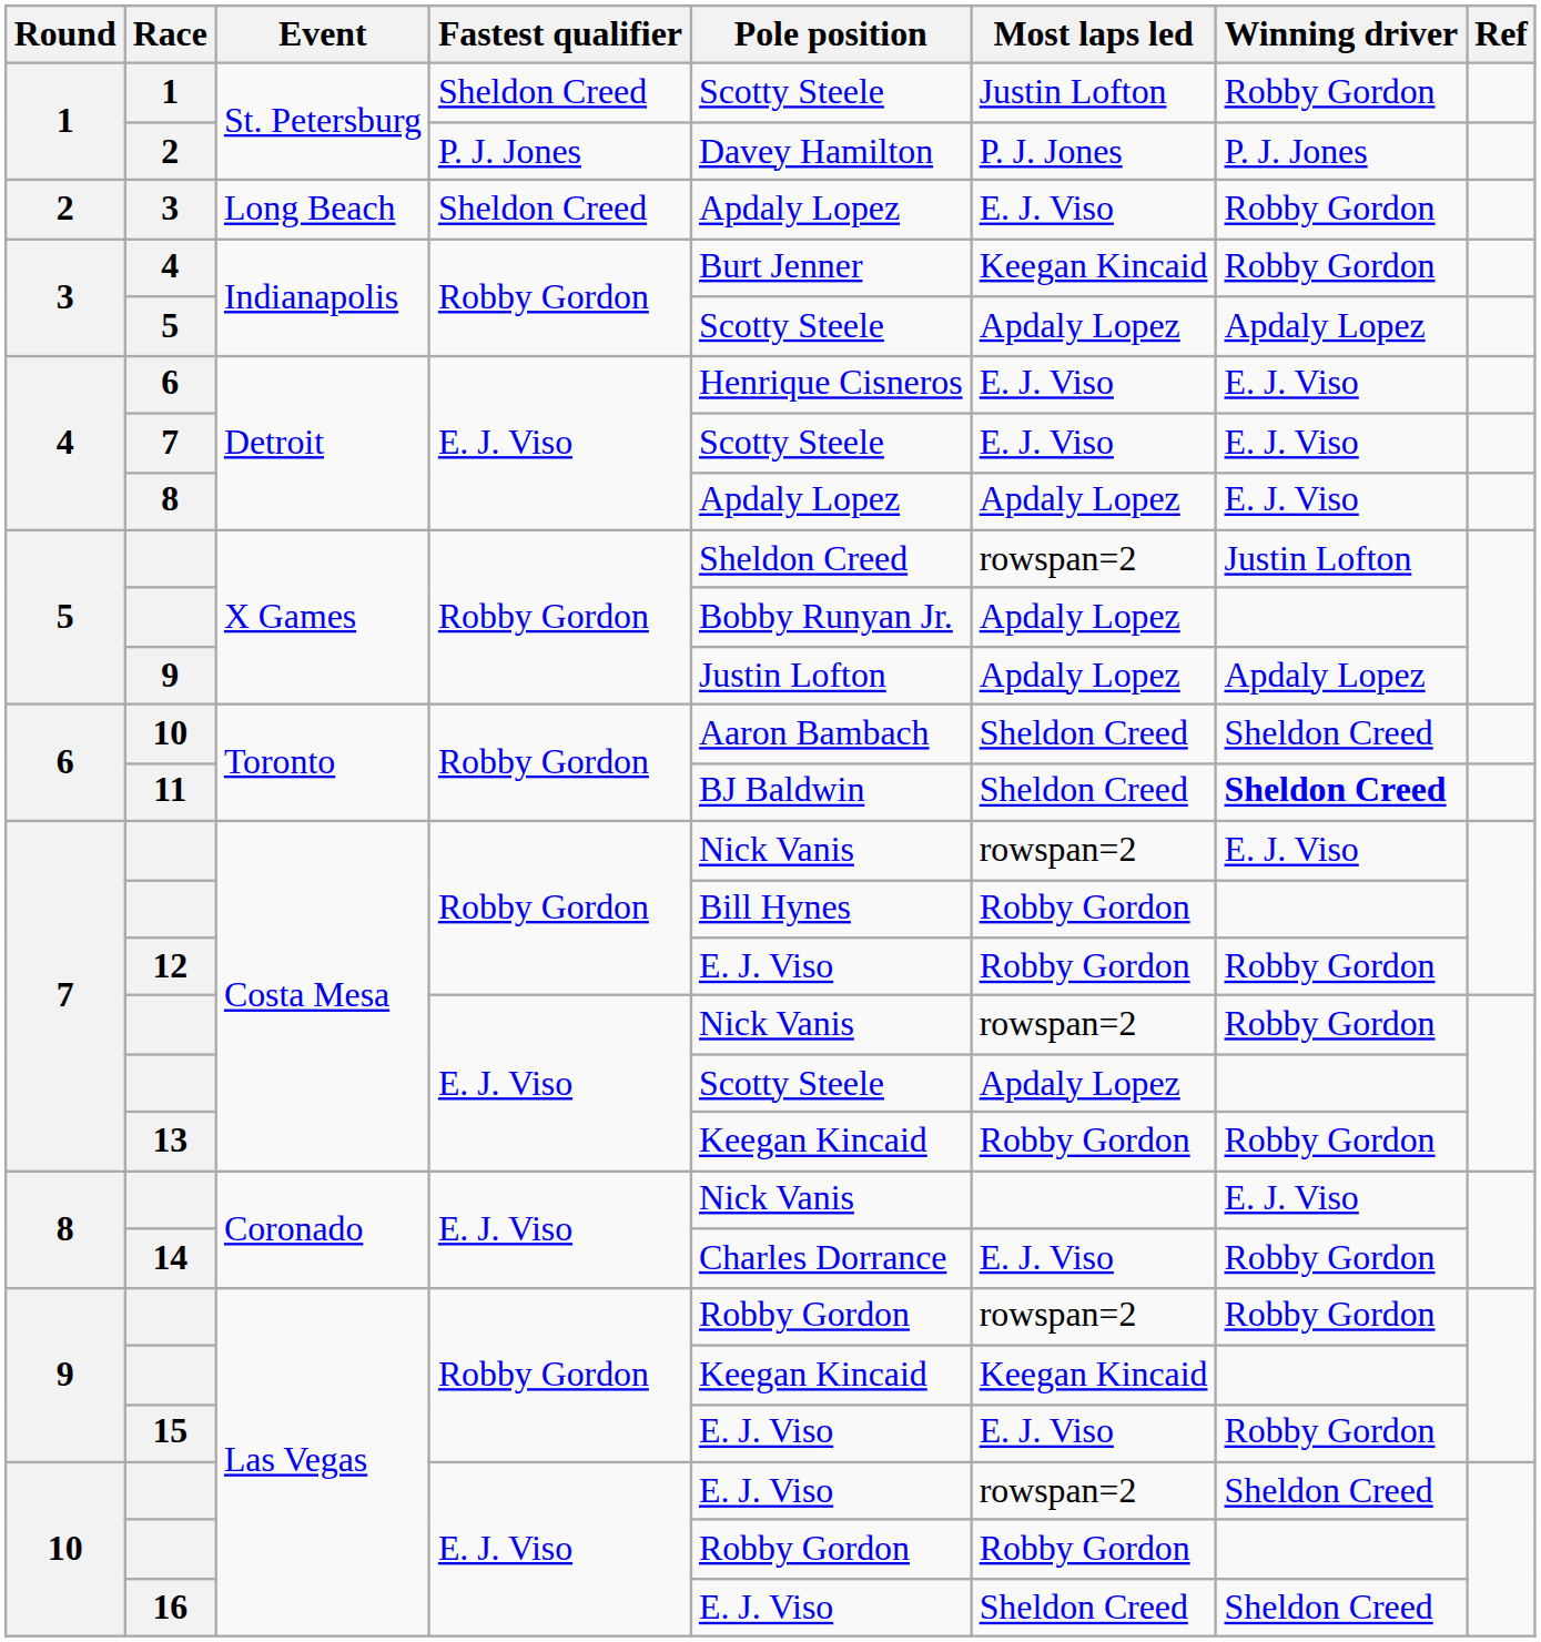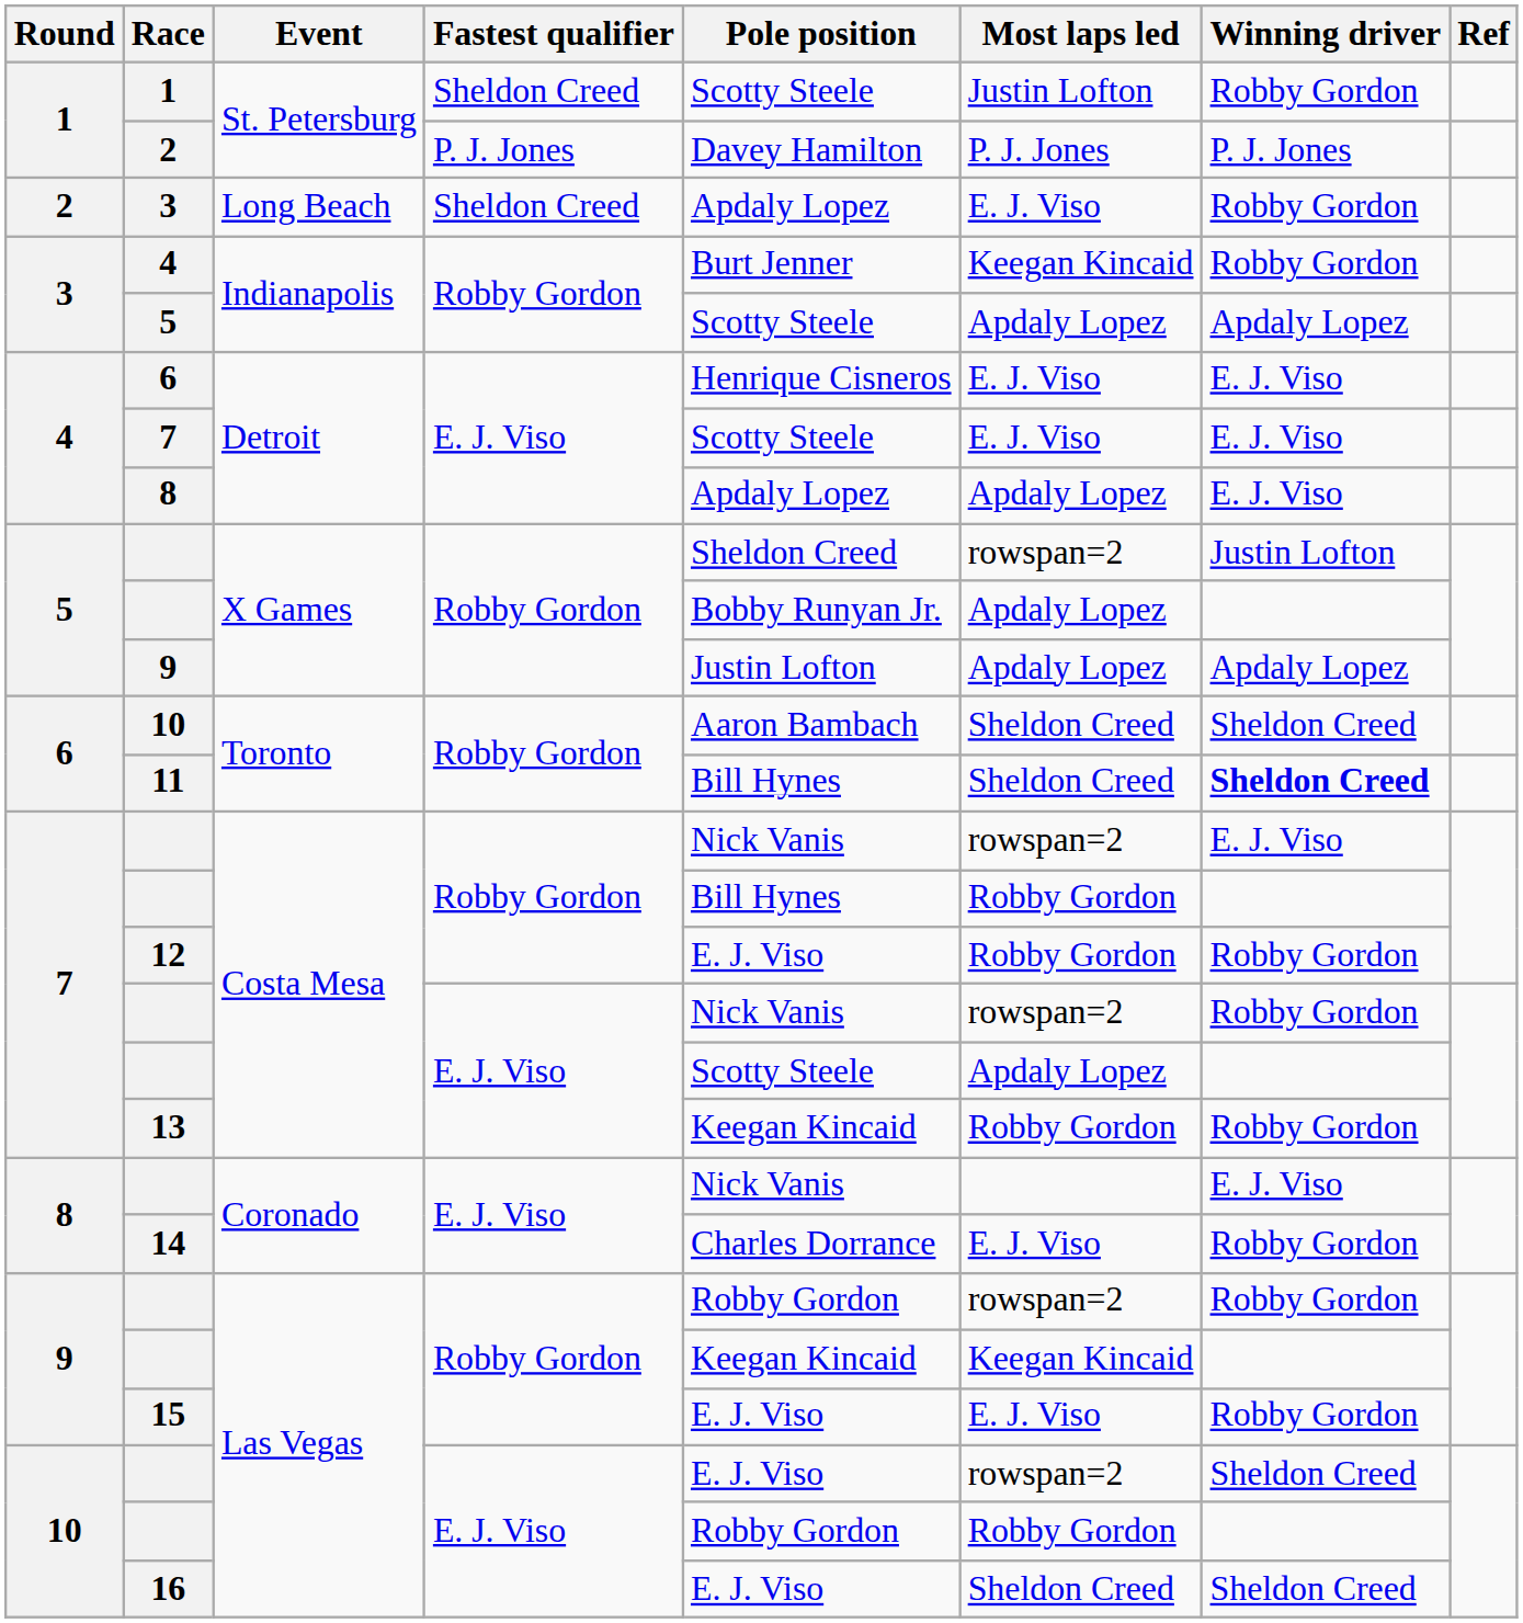 <table class="wikitable" style="font-size: 85%;">
 <tr>
 <th>Round</th>
 <th>Race</th>
 <th>Event</th>
 <th>Fastest qualifier</th>
 <th>Pole position</th>
 <th>Most laps led</th>
 <th>Winning driver</th>
 <th>Ref</th>
 </tr>
 <tr>
 <th rowspan=2>1</th>
 <th>1</th>
 <td rowspan=2><a href='#'>St. Petersburg</a></td>
 <td> <a href='#'>Sheldon Creed</a></td>
 <td> <a href='#'>Scotty Steele</a></td>
 <td> <a href='#'>Justin Lofton</a></td>
 <td> <a href='#'>Robby Gordon</a></td>
 <td></td>
 </tr>
 <tr>
 <th>2</th>
 <td> <a href='#'>P. J. Jones</a></td>
 <td> <a href='#'>Davey Hamilton</a></td>
 <td> <a href='#'>P. J. Jones</a></td>
 <td> <a href='#'>P. J. Jones</a></td>
 <td></td>
 </tr>
 <tr>
 <th>2</th>
 <th>3</th>
 <td><a href='#'>Long Beach</a></td>
 <td> <a href='#'>Sheldon Creed</a></td>
 <td> <a href='#'>Apdaly Lopez</a></td>
 <td> <a href='#'>E. J. Viso</a></td>
 <td> <a href='#'>Robby Gordon</a></td>
 <td></td>
 </tr>
 <tr>
 <th rowspan=2>3</th>
 <th>4</th>
 <td rowspan=2><a href='#'>Indianapolis</a></td>
 <td rowspan=2> <a href='#'>Robby Gordon</a></td>
 <td> <a href='#'>Burt Jenner</a></td>
 <td> <a href='#'>Keegan Kincaid</a></td>
 <td> <a href='#'>Robby Gordon</a></td>
 <td></td>
 </tr>
 <tr>
 <th>5</th>
 <td> <a href='#'>Scotty Steele</a></td>
 <td> <a href='#'>Apdaly Lopez</a></td>
 <td> <a href='#'>Apdaly Lopez</a></td>
 <td></td>
 </tr>
 <tr>
 <th rowspan=3>4</th>
 <th>6</th>
 <td rowspan=3><a href='#'>Detroit</a></td>
 <td rowspan=3> <a href='#'>E. J. Viso</a></td>
 <td> <a href='#'>Henrique Cisneros</a></td>
 <td> <a href='#'>E. J. Viso</a></td>
 <td> <a href='#'>E. J. Viso</a></td>
 <td></td>
 </tr>
 <tr>
 <th>7</th>
 <td> <a href='#'>Scotty Steele</a></td>
 <td> <a href='#'>E. J. Viso</a></td>
 <td> <a href='#'>E. J. Viso</a></td>
 <td></td>
 </tr>
 <tr>
 <th>8</th>
 <td> <a href='#'>Apdaly Lopez</a></td>
 <td> <a href='#'>Apdaly Lopez</a></td>
 <td> <a href='#'>E. J. Viso</a></td>
 <td></td>
 </tr>
 <tr>
 <th rowspan=3>5</th>
 <th></th>
 <td rowspan=3><a href='#'>X Games</a></td>
 <td rowspan=3> <a href='#'>Robby Gordon</a></td>
 <td> <a href='#'>Sheldon Creed</a></td>
 <td>rowspan=2 </td>
 <td> <a href='#'>Justin Lofton</a></td>
 <td rowspan=3></td>
 </tr>
 <tr>
 <th></th>
 <td> <a href='#'>Bobby Runyan Jr.</a></td>
 <td> <a href='#'>Apdaly Lopez</a></td>
 </tr>
 <tr>
 <th>9</th>
 <td> <a href='#'>Justin Lofton</a></td>
 <td> <a href='#'>Apdaly Lopez</a></td>
 <td> <a href='#'>Apdaly Lopez</a></td>
 </tr>
 <tr>
 <th rowspan=2>6</th>
 <th>10</th>
 <td rowspan=2><a href='#'>Toronto</a></td>
 <td rowspan=2> <a href='#'>Robby Gordon</a></td>
 <td> <a href='#'>Aaron Bambach</a></td>
 <td> <a href='#'>Sheldon Creed</a></td>
 <td> <a href='#'>Sheldon Creed</a></td>
 <td></td>
 </tr>
 <tr>
 <th>11</th>
-<td> <a href='#'>BJ Baldwin</a></td>
+<td> <a href='#'>Bill Hynes</a></td>
 <td> <a href='#'>Sheldon Creed</a></td>
 <td><strong> <a href='#'>Sheldon Creed</a></strong></td>
 <td></td>
 </tr>
 <tr>
 <th rowspan=6>7</th>
 <th></th>
 <td rowspan=6><a href='#'>Costa Mesa</a></td>
 <td rowspan=3> <a href='#'>Robby Gordon</a></td>
 <td> <a href='#'>Nick Vanis</a></td>
 <td>rowspan=2 </td>
 <td> <a href='#'>E. J. Viso</a></td>
 <td rowspan=3></td>
 </tr>
 <tr>
 <th></th>
 <td> <a href='#'>Bill Hynes</a></td>
 <td> <a href='#'>Robby Gordon</a></td>
 </tr>
 <tr>
 <th>12</th>
 <td> <a href='#'>E. J. Viso</a></td>
 <td> <a href='#'>Robby Gordon</a></td>
 <td> <a href='#'>Robby Gordon</a></td>
 </tr>
 <tr>
 <th></th>
 <td rowspan=3> <a href='#'>E. J. Viso</a></td>
 <td> <a href='#'>Nick Vanis</a></td>
 <td>rowspan=2 </td>
 <td> <a href='#'>Robby Gordon</a></td>
 <td rowspan=3></td>
 </tr>
 <tr>
 <th></th>
 <td> <a href='#'>Scotty Steele</a></td>
 <td> <a href='#'>Apdaly Lopez</a></td>
 </tr>
 <tr>
 <th>13</th>
 <td> <a href='#'>Keegan Kincaid</a></td>
 <td> <a href='#'>Robby Gordon</a></td>
 <td> <a href='#'>Robby Gordon</a></td>
 </tr>
 <tr>
 <th rowspan=2>8</th>
 <th></th>
 <td rowspan=2><a href='#'>Coronado</a></td>
 <td rowspan=2> <a href='#'>E. J. Viso</a></td>
 <td> <a href='#'>Nick Vanis</a></td>
 <td></td>
 <td> <a href='#'>E. J. Viso</a></td>
 <td rowspan=2></td>
 </tr>
 <tr>
 <th>14</th>
 <td> <a href='#'>Charles Dorrance</a></td>
 <td> <a href='#'>E. J. Viso</a></td>
 <td> <a href='#'>Robby Gordon</a></td>
 </tr>
 <tr>
 <th rowspan=3>9</th>
 <th></th>
 <td rowspan=6><a href='#'>Las Vegas</a></td>
 <td rowspan=3> <a href='#'>Robby Gordon</a></td>
 <td> <a href='#'>Robby Gordon</a></td>
 <td>rowspan=2 </td>
 <td> <a href='#'>Robby Gordon</a></td>
 <td rowspan=3></td>
 </tr>
 <tr>
 <th></th>
 <td> <a href='#'>Keegan Kincaid</a></td>
 <td> <a href='#'>Keegan Kincaid</a></td>
 </tr>
 <tr>
 <th>15</th>
 <td> <a href='#'>E. J. Viso</a></td>
 <td> <a href='#'>E. J. Viso</a></td>
 <td> <a href='#'>Robby Gordon</a></td>
 </tr>
 <tr>
 <th rowspan=3>10</th>
 <th></th>
 <td rowspan=3> <a href='#'>E. J. Viso</a></td>
 <td> <a href='#'>E. J. Viso</a></td>
 <td>rowspan=2 </td>
 <td> <a href='#'>Sheldon Creed</a></td>
 <td rowspan=3></td>
 </tr>
 <tr>
 <th></th>
 <td> <a href='#'>Robby Gordon</a></td>
 <td> <a href='#'>Robby Gordon</a></td>
 </tr>
 <tr>
 <th>16</th>
 <td> <a href='#'>E. J. Viso</a></td>
 <td> <a href='#'>Sheldon Creed</a></td>
 <td> <a href='#'>Sheldon Creed</a></td>
 </tr>
 </table>
